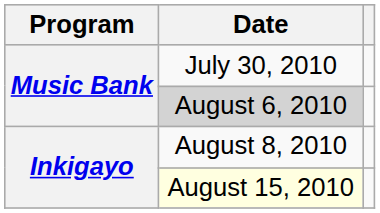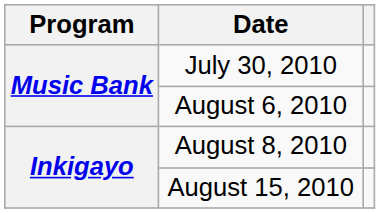 <table class="wikitable sortable plainrowheaders" style="text-align:center">
 <tr>
 <th scope="col">Program</th>
 <th scope="col" width="120">Date</th>
 <th scope="col" class="unsortable"></th>
 </tr>
 <tr>
 <th scope="row" rowspan="2"><em><a href='#'>Music Bank</a></em></th>
 <td>July 30, 2010</td>
 <td></td>
 </tr>
 <tr>
-<td style="background: lightgrey;">August 6, 2010</td>
+<td>August 6, 2010</td>
 <td></td>
 </tr>
 <tr>
 <th scope="row" rowspan="2"><em><a href='#'>Inkigayo</a></em></th>
 <td>August 8, 2010</td>
 <td></td>
 </tr>
 <tr>
-<td style="background: lightyellow;">August 15, 2010</td>
+<td>August 15, 2010</td>
 <td></td>
 </tr>
 </table>
